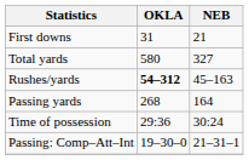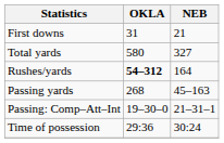 <table class="wikitable" style="float: left;">
 <tr>
 <th>Statistics</th>
 <th>OKLA</th>
 <th>NEB</th>
 </tr>
 <tr>
 <td>First downs</td>
 <td>31</td>
 <td>21</td>
 </tr>
 <tr>
 <td>Total yards</td>
 <td>580</td>
 <td>327</td>
 </tr>
 <tr>
 <td>Rushes/yards</td>
 <td><strong>54–312</strong></td>
-<td>45–163</td>
+<td>164</td>
 </tr>
 <tr>
 <td>Passing yards</td>
 <td>268</td>
-<td>164</td>
+<td>45–163</td>
+</tr>
+<tr>
+<td>Passing: Comp–Att–Int</td>
+<td>19–30–0</td>
+<td>21–31–1</td>
 </tr>
 <tr>
 <td>Time of possession</td>
 <td>29:36</td>
 <td>30:24</td>
 </tr>
 <tr>
-<td>Passing: Comp–Att–Int</td>
-<td>19–30–0</td>
-<td>21–31–1</td>
-</tr>
-<tr>
 </tr>
 </table>
